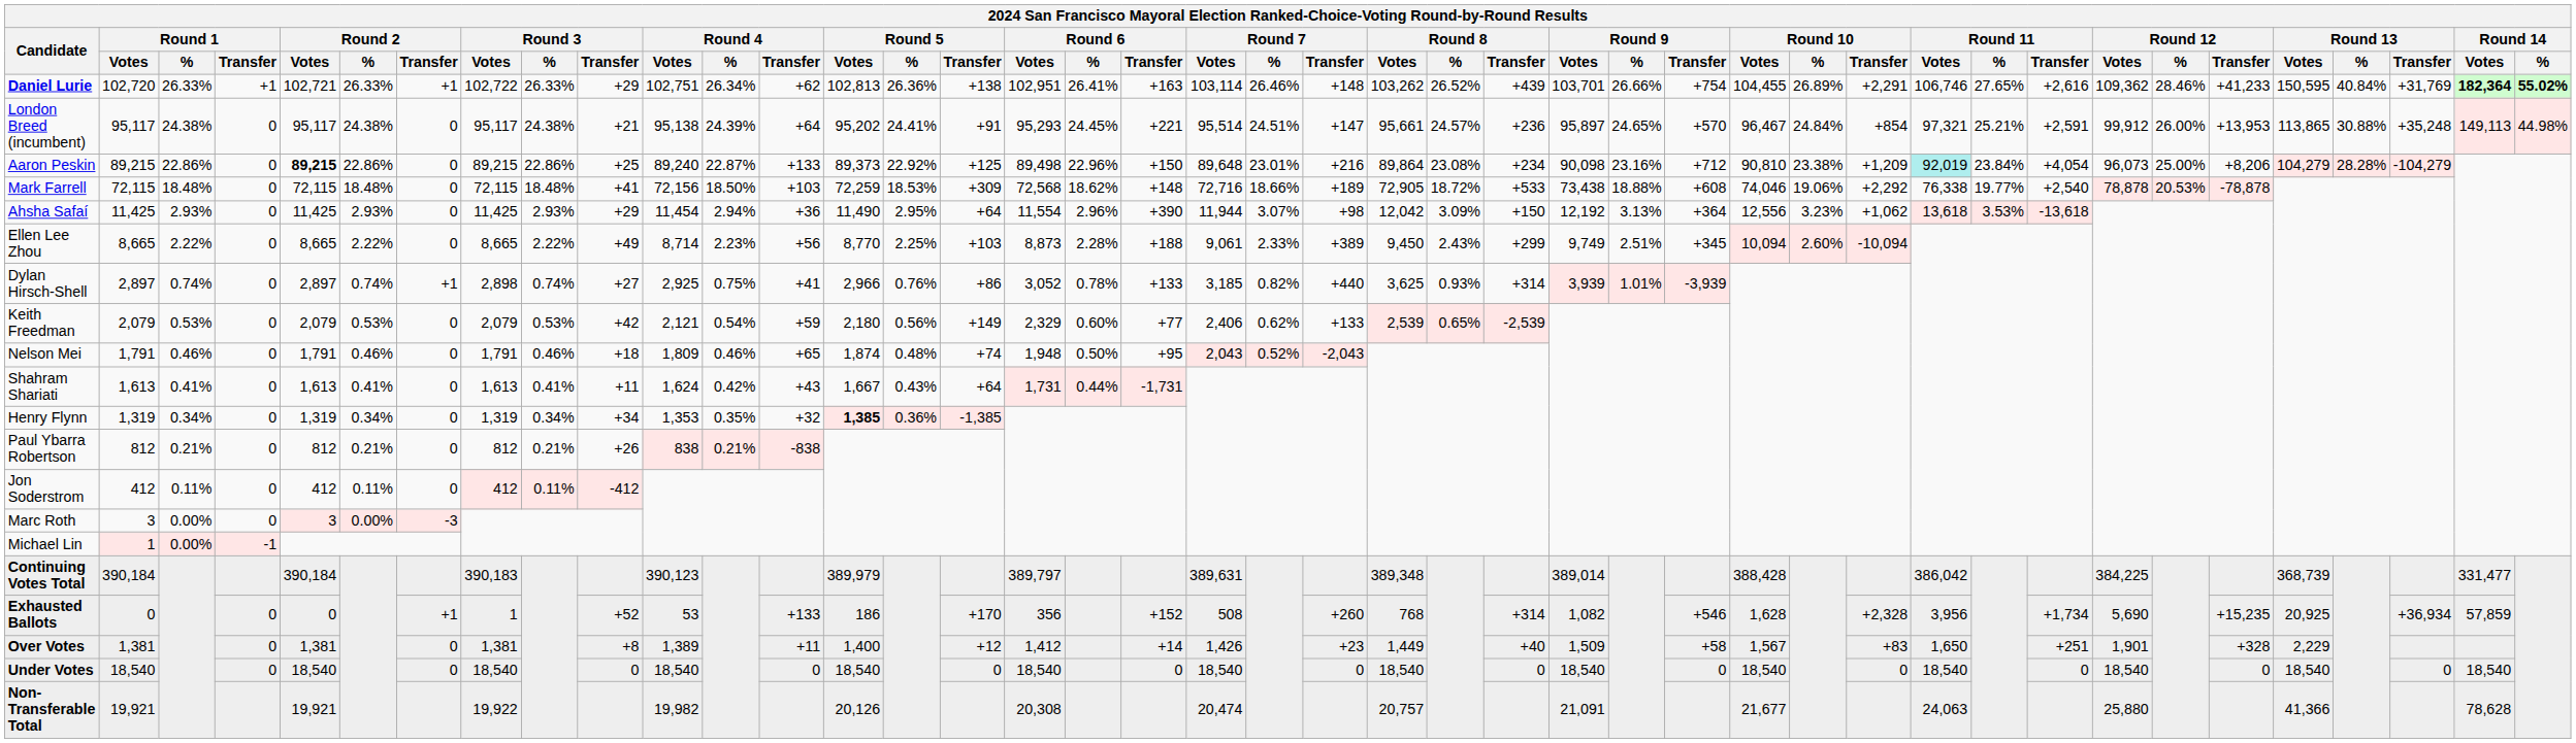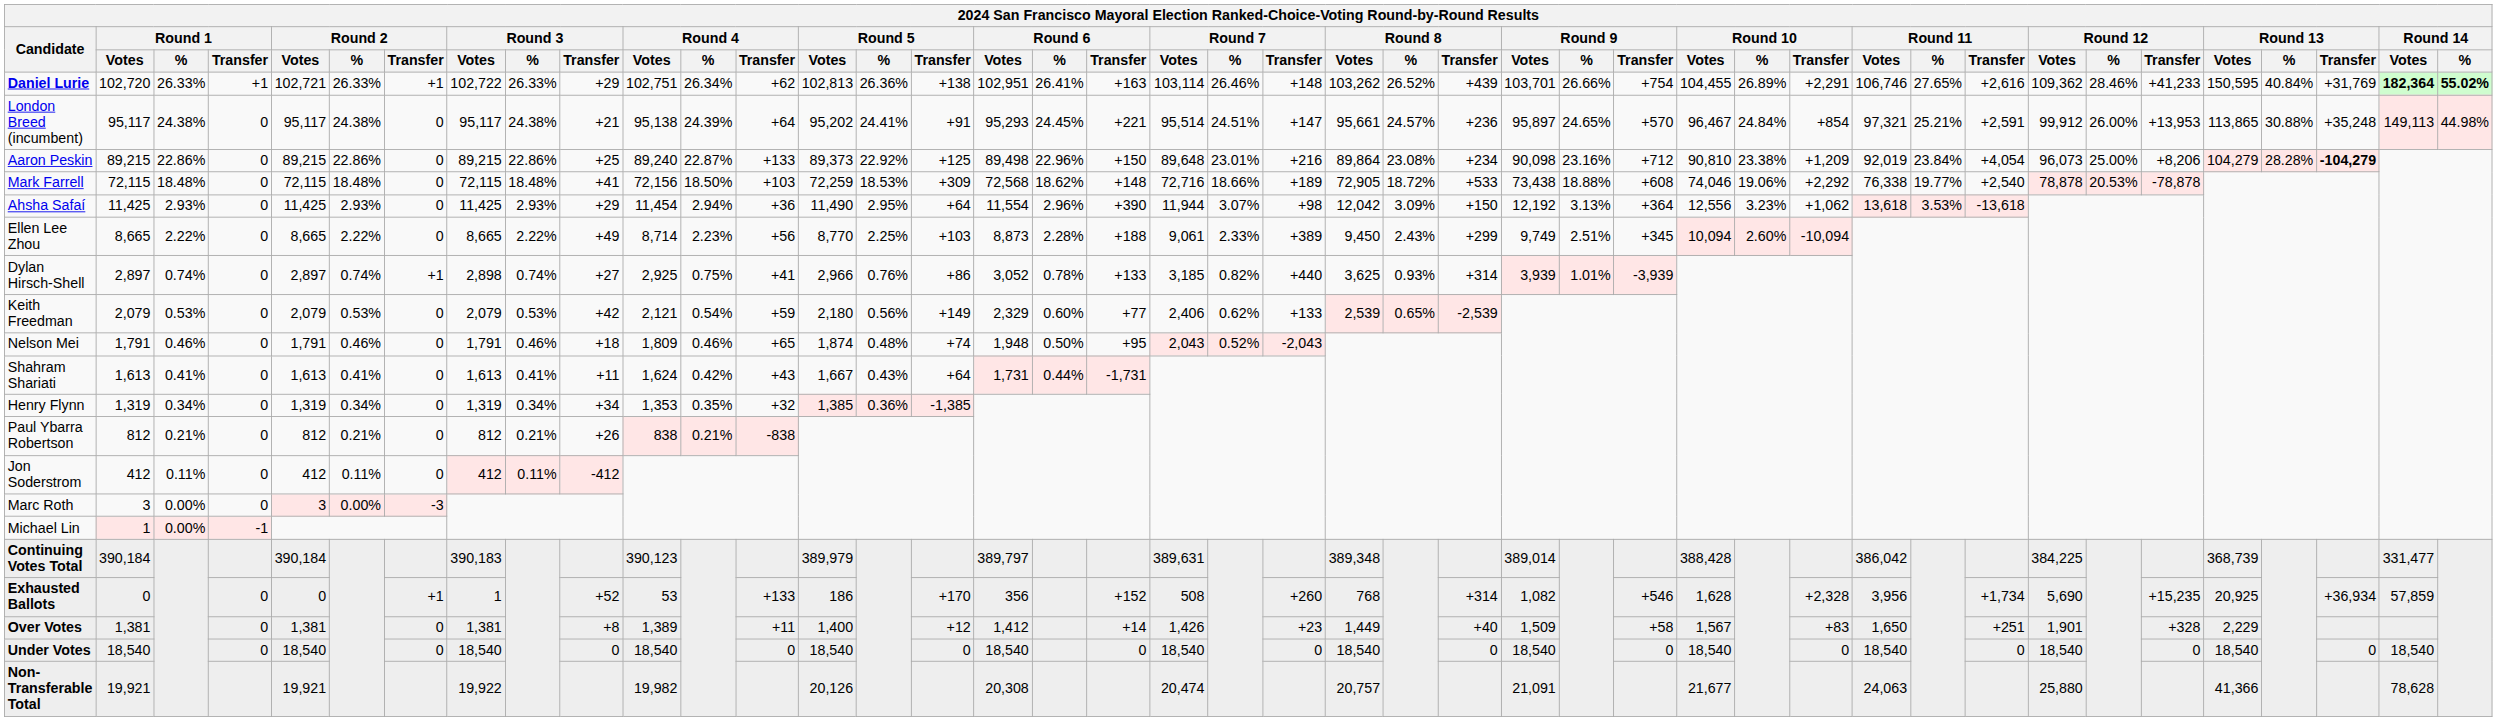 <table class="wikitable" style="text-align: right;">
 <tr>
 <th colspan="42">2024 San Francisco Mayoral Election Ranked-Choice-Voting Round-by-Round Results</th>
 </tr>
 <tr>
 <th rowspan="2" align="left">Candidate</th>
 <th colspan="3">Round 1</th>
 <th colspan="3">Round 2</th>
 <th colspan="3">Round 3</th>
 <th colspan="3">Round 4</th>
 <th colspan="3">Round 5</th>
 <th colspan="3">Round 6</th>
 <th colspan="3">Round 7</th>
 <th colspan="3">Round 8</th>
 <th colspan="3">Round 9</th>
 <th colspan="3">Round 10</th>
 <th colspan="3">Round 11</th>
 <th colspan="3">Round 12</th>
 <th colspan="3">Round 13</th>
 <th colspan="2">Round 14</th>
 </tr>
 <tr>
 <th>Votes</th>
 <th>%</th>
 <th>Transfer</th>
 <th>Votes</th>
 <th>%</th>
 <th>Transfer</th>
 <th>Votes</th>
 <th>%</th>
 <th>Transfer</th>
 <th>Votes</th>
 <th>%</th>
 <th>Transfer</th>
 <th>Votes</th>
 <th>%</th>
 <th>Transfer</th>
 <th>Votes</th>
 <th>%</th>
 <th>Transfer</th>
 <th>Votes</th>
 <th>%</th>
 <th>Transfer</th>
 <th>Votes</th>
 <th>%</th>
 <th>Transfer</th>
 <th>Votes</th>
 <th>%</th>
 <th>Transfer</th>
 <th>Votes</th>
 <th>%</th>
 <th>Transfer</th>
 <th>Votes</th>
 <th>%</th>
 <th>Transfer</th>
 <th>Votes</th>
 <th>%</th>
 <th>Transfer</th>
 <th>Votes</th>
 <th>%</th>
 <th>Transfer</th>
 <th>Votes</th>
 <th>%</th>
 </tr>
 <tr>
 <td align="left"><strong><a href='#'>Daniel Lurie</a></strong></td>
 <td>102,720</td>
 <td>26.33%</td>
 <td>+1</td>
 <td>102,721</td>
 <td>26.33%</td>
 <td>+1</td>
 <td>102,722</td>
 <td>26.33%</td>
 <td>+29</td>
 <td>102,751</td>
 <td>26.34%</td>
 <td>+62</td>
 <td>102,813</td>
 <td>26.36%</td>
 <td>+138</td>
 <td>102,951</td>
 <td>26.41%</td>
 <td>+163</td>
 <td>103,114</td>
 <td>26.46%</td>
 <td>+148</td>
 <td>103,262</td>
 <td>26.52%</td>
 <td>+439</td>
 <td>103,701</td>
 <td>26.66%</td>
 <td>+754</td>
 <td>104,455</td>
 <td>26.89%</td>
 <td>+2,291</td>
 <td>106,746</td>
 <td>27.65%</td>
 <td>+2,616</td>
 <td>109,362</td>
 <td>28.46%</td>
 <td>+41,233</td>
 <td>150,595</td>
 <td>40.84%</td>
 <td>+31,769</td>
 <td bgcolor="#cffdcf"><strong>182,364</strong></td>
 <td bgcolor="#cffdcf"><strong>55.02%</strong></td>
 </tr>
 <tr>
 <td align="left"><a href='#'>London Breed</a> (incumbent)</td>
 <td>95,117</td>
 <td>24.38%</td>
 <td>0</td>
 <td>95,117</td>
 <td>24.38%</td>
 <td>0</td>
 <td>95,117</td>
 <td>24.38%</td>
 <td>+21</td>
 <td>95,138</td>
 <td>24.39%</td>
 <td>+64</td>
 <td>95,202</td>
 <td>24.41%</td>
 <td>+91</td>
 <td>95,293</td>
 <td>24.45%</td>
 <td>+221</td>
 <td>95,514</td>
 <td>24.51%</td>
 <td>+147</td>
 <td>95,661</td>
 <td>24.57%</td>
 <td>+236</td>
 <td>95,897</td>
 <td>24.65%</td>
 <td>+570</td>
 <td>96,467</td>
 <td>24.84%</td>
 <td>+854</td>
 <td>97,321</td>
 <td>25.21%</td>
 <td>+2,591</td>
 <td>99,912</td>
 <td>26.00%</td>
 <td>+13,953</td>
 <td>113,865</td>
 <td>30.88%</td>
 <td>+35,248</td>
 <td bgcolor="#FFE6E6">149,113</td>
 <td bgcolor="#FFE6E6">44.98%</td>
 </tr>
 <tr>
 <td align="left"><a href='#'>Aaron Peskin</a></td>
 <td>89,215</td>
 <td>22.86%</td>
 <td>0</td>
-<td><strong>89,215</strong></td>
+<td>89,215</td>
 <td>22.86%</td>
 <td>0</td>
 <td>89,215</td>
 <td>22.86%</td>
 <td>+25</td>
 <td>89,240</td>
 <td>22.87%</td>
 <td>+133</td>
 <td>89,373</td>
 <td>22.92%</td>
 <td>+125</td>
 <td>89,498</td>
 <td>22.96%</td>
 <td>+150</td>
 <td>89,648</td>
 <td>23.01%</td>
 <td>+216</td>
 <td>89,864</td>
 <td>23.08%</td>
 <td>+234</td>
 <td>90,098</td>
 <td>23.16%</td>
 <td>+712</td>
 <td>90,810</td>
 <td>23.38%</td>
 <td>+1,209</td>
-<td style="background: paleturquoise;">92,019</td>
+<td>92,019</td>
 <td>23.84%</td>
 <td>+4,054</td>
 <td>96,073</td>
 <td>25.00%</td>
 <td>+8,206</td>
 <td bgcolor="#FFE6E6">104,279</td>
 <td bgcolor="#FFE6E6">28.28%</td>
-<td bgcolor="#FFE6E6">-104,279</td>
+<td bgcolor="#FFE6E6"><strong>-104,279</strong></td>
 <td colspan="2" rowspan="13"></td>
 </tr>
 <tr>
 <td align="left"><a href='#'>Mark Farrell</a></td>
 <td>72,115</td>
 <td>18.48%</td>
 <td>0</td>
 <td>72,115</td>
 <td>18.48%</td>
 <td>0</td>
 <td>72,115</td>
 <td>18.48%</td>
 <td>+41</td>
 <td>72,156</td>
 <td>18.50%</td>
 <td>+103</td>
 <td>72,259</td>
 <td>18.53%</td>
 <td>+309</td>
 <td>72,568</td>
 <td>18.62%</td>
 <td>+148</td>
 <td>72,716</td>
 <td>18.66%</td>
 <td>+189</td>
 <td>72,905</td>
 <td>18.72%</td>
 <td>+533</td>
 <td>73,438</td>
 <td>18.88%</td>
 <td>+608</td>
 <td>74,046</td>
 <td>19.06%</td>
 <td>+2,292</td>
 <td>76,338</td>
 <td>19.77%</td>
 <td>+2,540</td>
 <td bgcolor="#FFE6E6">78,878</td>
 <td bgcolor="#FFE6E6">20.53%</td>
 <td bgcolor="#FFE6E6">-78,878</td>
 <td colspan="3" rowspan="12"></td>
 </tr>
 <tr>
 <td align="left"><a href='#'>Ahsha Safaí</a></td>
 <td>11,425</td>
 <td>2.93%</td>
 <td>0</td>
 <td>11,425</td>
 <td>2.93%</td>
 <td>0</td>
 <td>11,425</td>
 <td>2.93%</td>
 <td>+29</td>
 <td>11,454</td>
 <td>2.94%</td>
 <td>+36</td>
 <td>11,490</td>
 <td>2.95%</td>
 <td>+64</td>
 <td>11,554</td>
 <td>2.96%</td>
 <td>+390</td>
 <td>11,944</td>
 <td>3.07%</td>
 <td>+98</td>
 <td>12,042</td>
 <td>3.09%</td>
 <td>+150</td>
 <td>12,192</td>
 <td>3.13%</td>
 <td>+364</td>
 <td>12,556</td>
 <td>3.23%</td>
 <td>+1,062</td>
 <td bgcolor="#FFE6E6">13,618</td>
 <td bgcolor="#FFE6E6">3.53%</td>
 <td bgcolor="#FFE6E6">-13,618</td>
 <td colspan="3" rowspan="11"></td>
 </tr>
 <tr>
 <td align="left">Ellen Lee Zhou</td>
 <td>8,665</td>
 <td>2.22%</td>
 <td>0</td>
 <td>8,665</td>
 <td>2.22%</td>
 <td>0</td>
 <td>8,665</td>
 <td>2.22%</td>
 <td>+49</td>
 <td>8,714</td>
 <td>2.23%</td>
 <td>+56</td>
 <td>8,770</td>
 <td>2.25%</td>
 <td>+103</td>
 <td>8,873</td>
 <td>2.28%</td>
 <td>+188</td>
 <td>9,061</td>
 <td>2.33%</td>
 <td>+389</td>
 <td>9,450</td>
 <td>2.43%</td>
 <td>+299</td>
 <td>9,749</td>
 <td>2.51%</td>
 <td>+345</td>
 <td bgcolor="#FFE6E6">10,094</td>
 <td bgcolor="#FFE6E6">2.60%</td>
 <td bgcolor="#FFE6E6">-10,094</td>
 <td colspan="3" rowspan="10"></td>
 </tr>
 <tr>
 <td align="left">Dylan Hirsch-Shell</td>
 <td>2,897</td>
 <td>0.74%</td>
 <td>0</td>
 <td>2,897</td>
 <td>0.74%</td>
 <td>+1</td>
 <td>2,898</td>
 <td>0.74%</td>
 <td>+27</td>
 <td>2,925</td>
 <td>0.75%</td>
 <td>+41</td>
 <td>2,966</td>
 <td>0.76%</td>
 <td>+86</td>
 <td>3,052</td>
 <td>0.78%</td>
 <td>+133</td>
 <td>3,185</td>
 <td>0.82%</td>
 <td>+440</td>
 <td>3,625</td>
 <td>0.93%</td>
 <td>+314</td>
 <td bgcolor="#FFE6E6">3,939</td>
 <td bgcolor="#FFE6E6">1.01%</td>
 <td bgcolor="#FFE6E6">-3,939</td>
 <td colspan="3" rowspan="9"></td>
 </tr>
 <tr>
 <td align="left">Keith Freedman</td>
 <td>2,079</td>
 <td>0.53%</td>
 <td>0</td>
 <td>2,079</td>
 <td>0.53%</td>
 <td>0</td>
 <td>2,079</td>
 <td>0.53%</td>
 <td>+42</td>
 <td>2,121</td>
 <td>0.54%</td>
 <td>+59</td>
 <td>2,180</td>
 <td>0.56%</td>
 <td>+149</td>
 <td>2,329</td>
 <td>0.60%</td>
 <td>+77</td>
 <td>2,406</td>
 <td>0.62%</td>
 <td>+133</td>
 <td bgcolor="#FFE6E6">2,539</td>
 <td bgcolor="#FFE6E6">0.65%</td>
 <td bgcolor="#FFE6E6">-2,539</td>
 <td colspan="3" rowspan="8"></td>
 </tr>
 <tr>
 <td align="left">Nelson Mei</td>
 <td>1,791</td>
 <td>0.46%</td>
 <td>0</td>
 <td>1,791</td>
 <td>0.46%</td>
 <td>0</td>
 <td>1,791</td>
 <td>0.46%</td>
 <td>+18</td>
 <td>1,809</td>
 <td>0.46%</td>
 <td>+65</td>
 <td>1,874</td>
 <td>0.48%</td>
 <td>+74</td>
 <td>1,948</td>
 <td>0.50%</td>
 <td>+95</td>
 <td bgcolor="#FFE6E6">2,043</td>
 <td bgcolor="#FFE6E6">0.52%</td>
 <td bgcolor="#FFE6E6">-2,043</td>
 <td colspan="3" rowspan="7"></td>
 </tr>
 <tr>
 <td align="left">Shahram Shariati</td>
 <td>1,613</td>
 <td>0.41%</td>
 <td>0</td>
 <td>1,613</td>
 <td>0.41%</td>
 <td>0</td>
 <td>1,613</td>
 <td>0.41%</td>
 <td>+11</td>
 <td>1,624</td>
 <td>0.42%</td>
 <td>+43</td>
 <td>1,667</td>
 <td>0.43%</td>
 <td>+64</td>
 <td bgcolor="#FFE6E6">1,731</td>
 <td bgcolor="#FFE6E6">0.44%</td>
 <td bgcolor="#FFE6E6">-1,731</td>
 <td colspan="3" rowspan="6"></td>
 </tr>
 <tr>
 <td align="left">Henry Flynn</td>
 <td>1,319</td>
 <td>0.34%</td>
 <td>0</td>
 <td>1,319</td>
 <td>0.34%</td>
 <td>0</td>
 <td>1,319</td>
 <td>0.34%</td>
 <td>+34</td>
 <td>1,353</td>
 <td>0.35%</td>
 <td>+32</td>
-<td bgcolor="#FFE6E6"><strong>1,385</strong></td>
+<td bgcolor="#FFE6E6">1,385</td>
 <td bgcolor="#FFE6E6">0.36%</td>
 <td bgcolor="#FFE6E6">-1,385</td>
 <td colspan="3" rowspan="5"></td>
 </tr>
 <tr>
 <td align="left">Paul Ybarra Robertson</td>
 <td>812</td>
 <td>0.21%</td>
 <td>0</td>
 <td>812</td>
 <td>0.21%</td>
 <td>0</td>
 <td>812</td>
 <td>0.21%</td>
 <td>+26</td>
 <td bgcolor="#FFE6E6">838</td>
 <td bgcolor="#FFE6E6">0.21%</td>
 <td bgcolor="#FFE6E6">-838</td>
 <td colspan="3" rowspan="4"></td>
 </tr>
 <tr>
 <td align="left">Jon Soderstrom</td>
 <td>412</td>
 <td>0.11%</td>
 <td>0</td>
 <td>412</td>
 <td>0.11%</td>
 <td>0</td>
 <td bgcolor="#FFE6E6">412</td>
 <td bgcolor="#FFE6E6">0.11%</td>
 <td bgcolor="#FFE6E6">-412</td>
 <td colspan="3" rowspan="3"></td>
 </tr>
 <tr>
 <td align="left">Marc Roth</td>
 <td>3</td>
 <td>0.00%</td>
 <td>0</td>
 <td bgcolor="#FFE6E6">3</td>
 <td bgcolor="#FFE6E6">0.00%</td>
 <td bgcolor="#FFE6E6">-3</td>
 <td colspan="3" rowspan="2"></td>
 </tr>
 <tr>
 <td align="left">Michael Lin</td>
 <td bgcolor="#FFE6E6">1</td>
 <td bgcolor="#FFE6E6">0.00%</td>
 <td bgcolor="#FFE6E6">-1</td>
 <td colspan="3"></td>
 </tr>
 <tr bgcolor="#EEEEEE">
 <td align="left"><strong>Continuing Votes Total</strong></td>
 <td>390,184</td>
 <td rowspan="5"></td>
 <td></td>
 <td>390,184</td>
 <td rowspan="5"></td>
 <td></td>
 <td>390,183</td>
 <td rowspan="5"></td>
 <td></td>
 <td>390,123</td>
 <td rowspan="5"></td>
 <td></td>
 <td>389,979</td>
 <td rowspan="5"></td>
 <td></td>
 <td>389,797</td>
 <td></td>
 <td></td>
 <td>389,631</td>
 <td rowspan="5"></td>
 <td></td>
 <td>389,348</td>
 <td rowspan="5"></td>
 <td></td>
 <td>389,014</td>
 <td rowspan="5"></td>
 <td></td>
 <td>388,428</td>
 <td rowspan="5"></td>
 <td></td>
 <td>386,042</td>
 <td rowspan="5"></td>
 <td></td>
 <td>384,225</td>
 <td rowspan="5"></td>
 <td></td>
 <td>368,739</td>
 <td rowspan="5"></td>
 <td></td>
 <td>331,477</td>
 <td rowspan="5"></td>
 </tr>
 <tr bgcolor="#EEEEEE">
 <td align="left"><strong>Exhausted Ballots</strong></td>
 <td>0</td>
 <td>0</td>
 <td>0</td>
 <td>+1</td>
 <td>1</td>
 <td>+52</td>
 <td>53</td>
 <td>+133</td>
 <td>186</td>
 <td>+170</td>
 <td>356</td>
 <td></td>
 <td>+152</td>
 <td>508</td>
 <td>+260</td>
 <td>768</td>
 <td>+314</td>
 <td>1,082</td>
 <td>+546</td>
 <td>1,628</td>
 <td>+2,328</td>
 <td>3,956</td>
 <td>+1,734</td>
 <td>5,690</td>
 <td>+15,235</td>
 <td>20,925</td>
 <td>+36,934</td>
 <td>57,859</td>
 </tr>
 <tr bgcolor="#EEEEEE">
 <td align="left"><strong>Over Votes</strong></td>
 <td>1,381</td>
 <td>0</td>
 <td>1,381</td>
 <td>0</td>
 <td>1,381</td>
 <td>+8</td>
 <td>1,389</td>
 <td>+11</td>
 <td>1,400</td>
 <td>+12</td>
 <td>1,412</td>
 <td></td>
 <td>+14</td>
 <td>1,426</td>
 <td>+23</td>
 <td>1,449</td>
 <td>+40</td>
 <td>1,509</td>
 <td>+58</td>
 <td>1,567</td>
 <td>+83</td>
 <td>1,650</td>
 <td>+251</td>
 <td>1,901</td>
 <td>+328</td>
 <td>2,229</td>
 <td></td>
 <td></td>
 </tr>
 <tr bgcolor="#EEEEEE">
 <td align="left"><strong>Under Votes</strong></td>
 <td>18,540</td>
 <td>0</td>
 <td>18,540</td>
 <td>0</td>
 <td>18,540</td>
 <td>0</td>
 <td>18,540</td>
 <td>0</td>
 <td>18,540</td>
 <td>0</td>
 <td>18,540</td>
 <td></td>
 <td>0</td>
 <td>18,540</td>
 <td>0</td>
 <td>18,540</td>
 <td>0</td>
 <td>18,540</td>
 <td>0</td>
 <td>18,540</td>
 <td>0</td>
 <td>18,540</td>
 <td>0</td>
 <td>18,540</td>
 <td>0</td>
 <td>18,540</td>
 <td>0</td>
 <td>18,540</td>
 </tr>
 <tr bgcolor="#EEEEEE">
 <td align="left"><strong>Non-Transferable Total</strong></td>
 <td>19,921</td>
 <td></td>
 <td>19,921</td>
 <td></td>
 <td>19,922</td>
 <td></td>
 <td>19,982</td>
 <td></td>
 <td>20,126</td>
 <td></td>
 <td>20,308</td>
 <td></td>
 <td></td>
 <td>20,474</td>
 <td></td>
 <td>20,757</td>
 <td></td>
 <td>21,091</td>
 <td></td>
 <td>21,677</td>
 <td></td>
 <td>24,063</td>
 <td></td>
 <td>25,880</td>
 <td></td>
 <td>41,366</td>
 <td></td>
 <td>78,628</td>
 </tr>
 </table>
